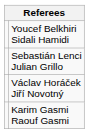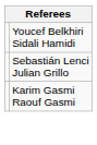 <table class="wikitable" style="display:inline-table;">
 <tr>
 <th colspan="2">Referees</th>
 </tr>
 <tr>
 <td></td>
 <td>Youcef Belkhiri<br>Sidali Hamidi</td>
 </tr>
 <tr>
 <td></td>
 <td>Sebastián Lenci<br>Julian Grillo</td>
 </tr>
 <tr>
 <td></td>
-<td>Václav Horáček<br>Jiří Novotný</td>
-</tr>
-<tr>
-<td></td>
 <td>Karim Gasmi<br>Raouf Gasmi</td>
 </tr>
 </table>
